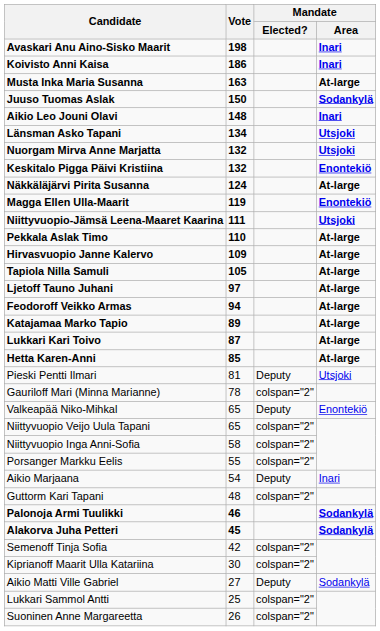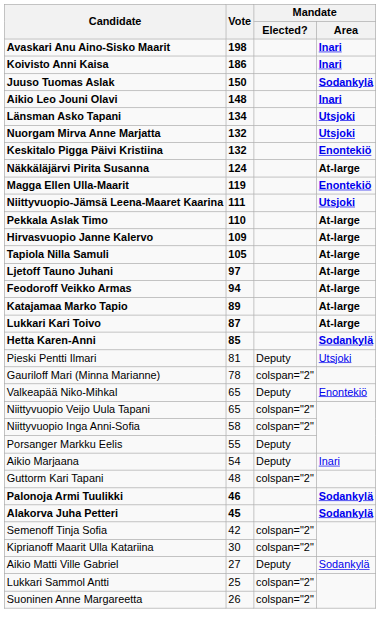 <table class="wikitable sortable">
 <tr>
 <th rowspan="2">Candidate</th>
 <th rowspan="2">Vote</th>
 <th colspan="2">Mandate</th>
 </tr>
 <tr>
 <th>Elected?</th>
 <th>Area</th>
 </tr>
 <tr>
 <td><strong>Avaskari Anu Aino-Sisko Maarit</strong></td>
 <td><strong>198</strong></td>
 <td></td>
 <td><a href='#'><strong>Inari</strong></a></td>
 </tr>
 <tr>
 <td><strong>Koivisto Anni Kaisa</strong></td>
 <td><strong>186</strong></td>
 <td></td>
 <td><a href='#'><strong>Inari</strong></a></td>
-</tr>
-<tr>
-<td><strong>Musta Inka Maria Susanna</strong></td>
-<td><strong>163</strong></td>
-<td></td>
-<td><strong>At-large</strong></td>
 </tr>
 <tr>
 <td><strong>Juuso Tuomas Aslak</strong></td>
 <td><strong>150</strong></td>
 <td></td>
 <td><strong><a href='#'>Sodankylä</a></strong></td>
 </tr>
 <tr>
 <td><strong>Aikio Leo Jouni Olavi</strong></td>
 <td><strong>148</strong></td>
 <td></td>
 <td><a href='#'><strong>Inari</strong></a></td>
 </tr>
 <tr>
 <td><strong>Länsman Asko Tapani</strong></td>
 <td><strong>134</strong></td>
 <td></td>
 <td><strong><a href='#'>Utsjoki</a></strong></td>
 </tr>
 <tr>
 <td><strong>Nuorgam Mirva Anne Marjatta</strong></td>
 <td><strong>132</strong></td>
 <td></td>
 <td><strong><a href='#'>Utsjoki</a></strong></td>
 </tr>
 <tr>
 <td><strong>Keskitalo Pigga Päivi Kristiina</strong></td>
 <td><strong>132</strong></td>
 <td></td>
 <td><strong><a href='#'>Enontekiö</a></strong></td>
 </tr>
 <tr>
 <td><strong>Näkkäläjärvi Pirita Susanna</strong></td>
 <td><strong>124</strong></td>
 <td></td>
 <td><strong>At-large</strong></td>
 </tr>
 <tr>
 <td><strong>Magga Ellen Ulla-Maarit</strong></td>
 <td><strong>119</strong></td>
 <td></td>
 <td><strong><a href='#'>Enontekiö</a></strong></td>
 </tr>
 <tr>
 <td><strong>Niittyvuopio-Jämsä Leena-Maaret Kaarina</strong></td>
 <td><strong>111</strong></td>
 <td></td>
 <td><strong><a href='#'>Utsjoki</a></strong></td>
 </tr>
 <tr>
 <td><strong>Pekkala Aslak Timo</strong></td>
 <td><strong>110</strong></td>
 <td></td>
 <td><strong>At-large</strong></td>
 </tr>
 <tr>
 <td><strong>Hirvasvuopio Janne Kalervo</strong></td>
 <td><strong>109</strong></td>
 <td></td>
 <td><strong>At-large</strong></td>
 </tr>
 <tr>
 <td><strong>Tapiola Nilla Samuli</strong></td>
 <td><strong>105</strong></td>
 <td></td>
 <td><strong>At-large</strong></td>
 </tr>
 <tr>
 <td><strong>Ljetoff Tauno Juhani</strong></td>
 <td><strong>97</strong></td>
 <td></td>
 <td><strong>At-large</strong></td>
 </tr>
 <tr>
 <td><strong>Feodoroff Veikko Armas</strong></td>
 <td><strong>94</strong></td>
 <td></td>
 <td><strong>At-large</strong></td>
 </tr>
 <tr>
 <td><strong>Katajamaa Marko Tapio</strong></td>
 <td><strong>89</strong></td>
 <td></td>
 <td><strong>At-large</strong></td>
 </tr>
 <tr>
 <td><strong>Lukkari Kari Toivo</strong></td>
 <td><strong>87</strong></td>
 <td></td>
 <td><strong>At-large</strong></td>
 </tr>
 <tr>
 <td><strong>Hetta Karen-Anni</strong></td>
 <td><strong>85</strong></td>
 <td></td>
-<td><strong>At-large</strong></td>
+<td><strong><a href='#'>Sodankylä</a></strong></td>
 </tr>
 <tr>
 <td>Pieski Pentti Ilmari</td>
 <td>81</td>
 <td>Deputy</td>
 <td><a href='#'>Utsjoki</a></td>
 </tr>
 <tr>
 <td>Gauriloff Mari (Minna Marianne)</td>
 <td>78</td>
 <td>colspan="2" </td>
 </tr>
 <tr>
 <td>Valkeapää Niko-Mihkal</td>
 <td>65</td>
 <td>Deputy</td>
 <td><a href='#'>Enontekiö</a></td>
 </tr>
 <tr>
 <td>Niittyvuopio Veijo Uula Tapani</td>
 <td>65</td>
 <td>colspan="2" </td>
 </tr>
 <tr>
 <td>Niittyvuopio Inga Anni-Sofia</td>
 <td>58</td>
 <td>colspan="2" </td>
 </tr>
 <tr>
 <td>Porsanger Markku Eelis</td>
 <td>55</td>
-<td>colspan="2" </td>
+<td>Deputy</td>
 </tr>
 <tr>
 <td>Aikio Marjaana</td>
 <td>54</td>
 <td>Deputy</td>
 <td><a href='#'>Inari</a></td>
 </tr>
 <tr>
 <td>Guttorm Kari Tapani</td>
 <td>48</td>
 <td>colspan="2" </td>
 </tr>
 <tr>
 <td><strong>Palonoja Armi Tuulikki</strong></td>
 <td><strong>46</strong></td>
 <td><strong></strong></td>
 <td><strong><a href='#'>Sodankylä</a></strong></td>
 </tr>
 <tr>
 <td><strong>Alakorva Juha Petteri</strong></td>
 <td><strong>45</strong></td>
 <td><strong></strong></td>
 <td><strong><a href='#'>Sodankylä</a></strong></td>
 </tr>
 <tr>
 <td>Semenoff Tinja Sofia</td>
 <td>42</td>
 <td>colspan="2" </td>
 </tr>
 <tr>
 <td>Kiprianoff Maarit Ulla Katariina</td>
 <td>30</td>
 <td>colspan="2" </td>
 </tr>
 <tr>
 <td>Aikio Matti Ville Gabriel</td>
 <td>27</td>
 <td>Deputy</td>
 <td><a href='#'>Sodankylä</a></td>
 </tr>
 <tr>
 <td>Lukkari Sammol Antti</td>
 <td>25</td>
 <td>colspan="2" </td>
 </tr>
 <tr>
 <td>Suoninen Anne Margareetta</td>
 <td>26</td>
 <td>colspan="2" </td>
 </tr>
 </table>
